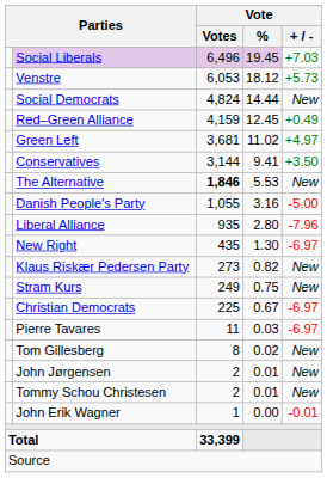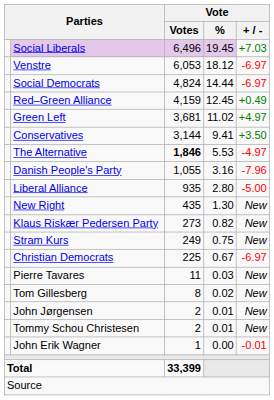 <table class="wikitable" style="text-align:right;">
 <tr>
 <th style="text-align:centre;" rowspan="2" colspan="2" width="225">Parties</th>
 <th colspan="3">Vote</th>
 </tr>
 <tr>
 <th width="15">Votes</th>
 <th width="15">%</th>
 <th width="15">+ / -</th>
 </tr>
 <tr>
 <td width="2" style="color:inherit;background:"></td>
 <td bgcolor=#e3c8e9  align="left"><a href='#'>Social Liberals</a></td>
 <td bgcolor=#e3c8e9>6,496</td>
 <td bgcolor=#e3c8e9>19.45</td>
 <td style=color:green;>+7.03</td>
 </tr>
 <tr>
 <td width="2" style="color:inherit;background:"></td>
 <td align="left"><a href='#'>Venstre</a></td>
 <td>6,053</td>
 <td>18.12</td>
-<td style=color:green;>+5.73</td>
+<td style=color:red;>-6.97</td>
 </tr>
 <tr>
 <td width="2" style="color:inherit;background:"></td>
 <td align="left"><a href='#'>Social Democrats</a></td>
 <td>4,824</td>
 <td>14.44</td>
-<td><em>New</em></td>
+<td style=color:red;>-6.97</td>
 </tr>
 <tr>
 <td width="2" style="color:inherit;background:"></td>
 <td align="left"><a href='#'>Red–Green Alliance</a></td>
 <td>4,159</td>
 <td>12.45</td>
 <td style=color:green;>+0.49</td>
 </tr>
 <tr>
 <td width="2" style="color:inherit;background:"></td>
 <td align="left"><a href='#'>Green Left</a></td>
 <td>3,681</td>
 <td>11.02</td>
 <td style=color:green;>+4.97</td>
 </tr>
 <tr>
 <td width="2" style="color:inherit;background:"></td>
 <td align="left"><a href='#'>Conservatives</a></td>
 <td>3,144</td>
 <td>9.41</td>
 <td style=color:green;>+3.50</td>
 </tr>
 <tr>
 <td width="2" style="color:inherit;background:"></td>
 <td align="left"><a href='#'>The Alternative</a></td>
 <td><strong>1,846</strong></td>
 <td>5.53</td>
-<td><em>New</em></td>
+<td style=color:red;>-4.97</td>
 </tr>
 <tr>
 <td width="2" style="color:inherit;background:"></td>
 <td align="left"><a href='#'>Danish People's Party</a></td>
 <td>1,055</td>
 <td>3.16</td>
-<td style=color:red;>-5.00</td>
+<td style=color:red;>-7.96</td>
 </tr>
 <tr>
 <td width="2" style="color:inherit;background:"></td>
 <td align="left"><a href='#'>Liberal Alliance</a></td>
 <td>935</td>
 <td>2.80</td>
-<td style=color:red;>-7.96</td>
+<td style=color:red;>-5.00</td>
 </tr>
 <tr>
 <td width="2" style="color:inherit;background:"></td>
 <td align="left"><a href='#'>New Right</a></td>
 <td>435</td>
 <td>1.30</td>
-<td style=color:red;>-6.97</td>
+<td><em>New</em></td>
 </tr>
 <tr>
 <td width="2" style="color:inherit;background:"></td>
 <td align="left"><a href='#'>Klaus Riskær Pedersen Party</a></td>
 <td>273</td>
 <td>0.82</td>
 <td><em>New</em></td>
 </tr>
 <tr>
 <td width="2" style="color:inherit;background:"></td>
 <td align="left"><a href='#'>Stram Kurs</a></td>
 <td>249</td>
 <td>0.75</td>
 <td><em>New</em></td>
 </tr>
 <tr>
 <td width="2" style="color:inherit;background:"></td>
 <td align="left"><a href='#'>Christian Democrats</a></td>
 <td>225</td>
 <td>0.67</td>
 <td style=color:red;>-6.97</td>
 </tr>
 <tr>
 <td width="2" style="color:inherit;background:"></td>
 <td align="left">Pierre Tavares</td>
 <td>11</td>
 <td>0.03</td>
-<td style=color:red;>-6.97</td>
+<td><em>New</em></td>
 </tr>
 <tr>
 <td width="2" style="color:inherit;background:"></td>
 <td align="left">Tom Gillesberg</td>
 <td>8</td>
 <td>0.02</td>
 <td><em>New</em></td>
 </tr>
 <tr>
 <td width="2" style="color:inherit;background:"></td>
 <td align="left">John Jørgensen</td>
 <td>2</td>
 <td>0.01</td>
 <td><em>New</em></td>
 </tr>
 <tr>
 <td width="2" style="color:inherit;background:"></td>
 <td align="left">Tommy Schou Christesen</td>
 <td>2</td>
 <td>0.01</td>
 <td><em>New</em></td>
 </tr>
 <tr>
 <td width="2" style="color:inherit;background:"></td>
 <td align="left">John Erik Wagner</td>
 <td>1</td>
 <td>0.00</td>
 <td style=color:red;>-0.01</td>
 </tr>
 <tr>
 <td colspan="7" bgcolor="#E9E9E9"></td>
 </tr>
 <tr>
 <td align="left" colspan="2"><strong>Total</strong></td>
 <td><strong>33,399</strong></td>
 <td bgcolor="#E9E9E9" colspan="2"></td>
 </tr>
 <tr>
 <td align="left" colspan="6">Source</td>
 </tr>
 </table>
